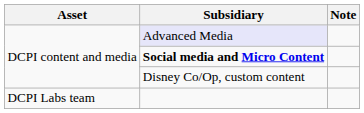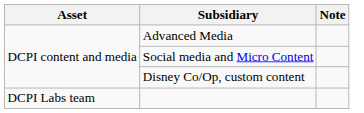 <table class="wikitable">
 <tr>
 <th>Asset</th>
 <th>Subsidiary</th>
 <th>Note</th>
 </tr>
 <tr>
 <td rowspan="3">DCPI content and media</td>
-<td style="background: lavender;">Advanced Media</td>
+<td>Advanced Media</td>
 <td></td>
 </tr>
 <tr>
-<td><strong>Social media and <a href='#'>Micro Content</a></strong></td>
+<td>Social media and <a href='#'>Micro Content</a></td>
 <td></td>
 </tr>
 <tr>
 <td>Disney Co/Op, custom content</td>
 <td></td>
 </tr>
 <tr>
 <td>DCPI Labs team</td>
 <td></td>
 <td></td>
 </tr>
 </table>
